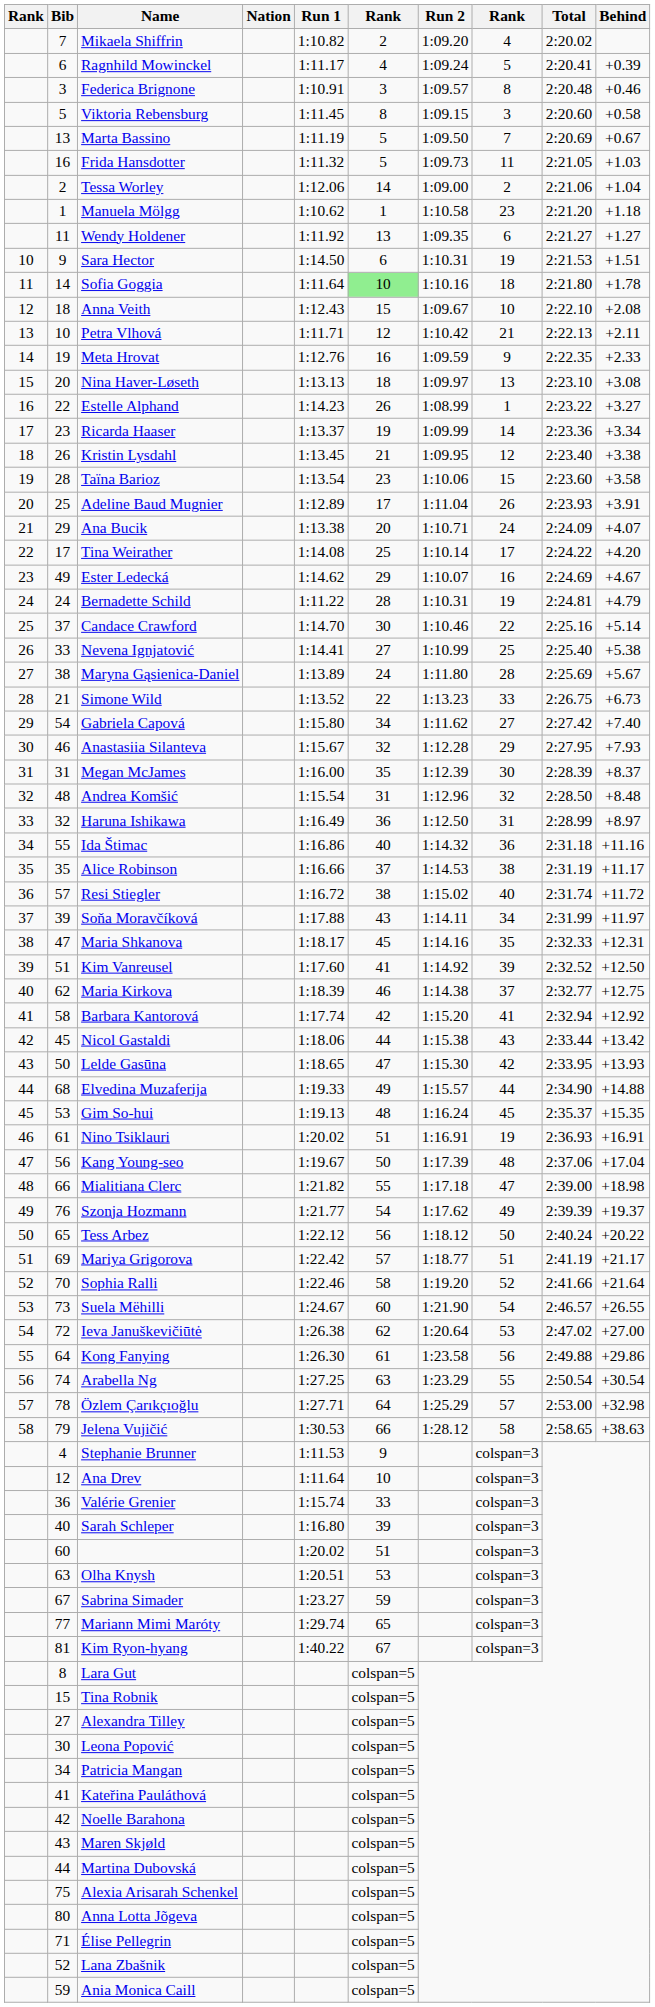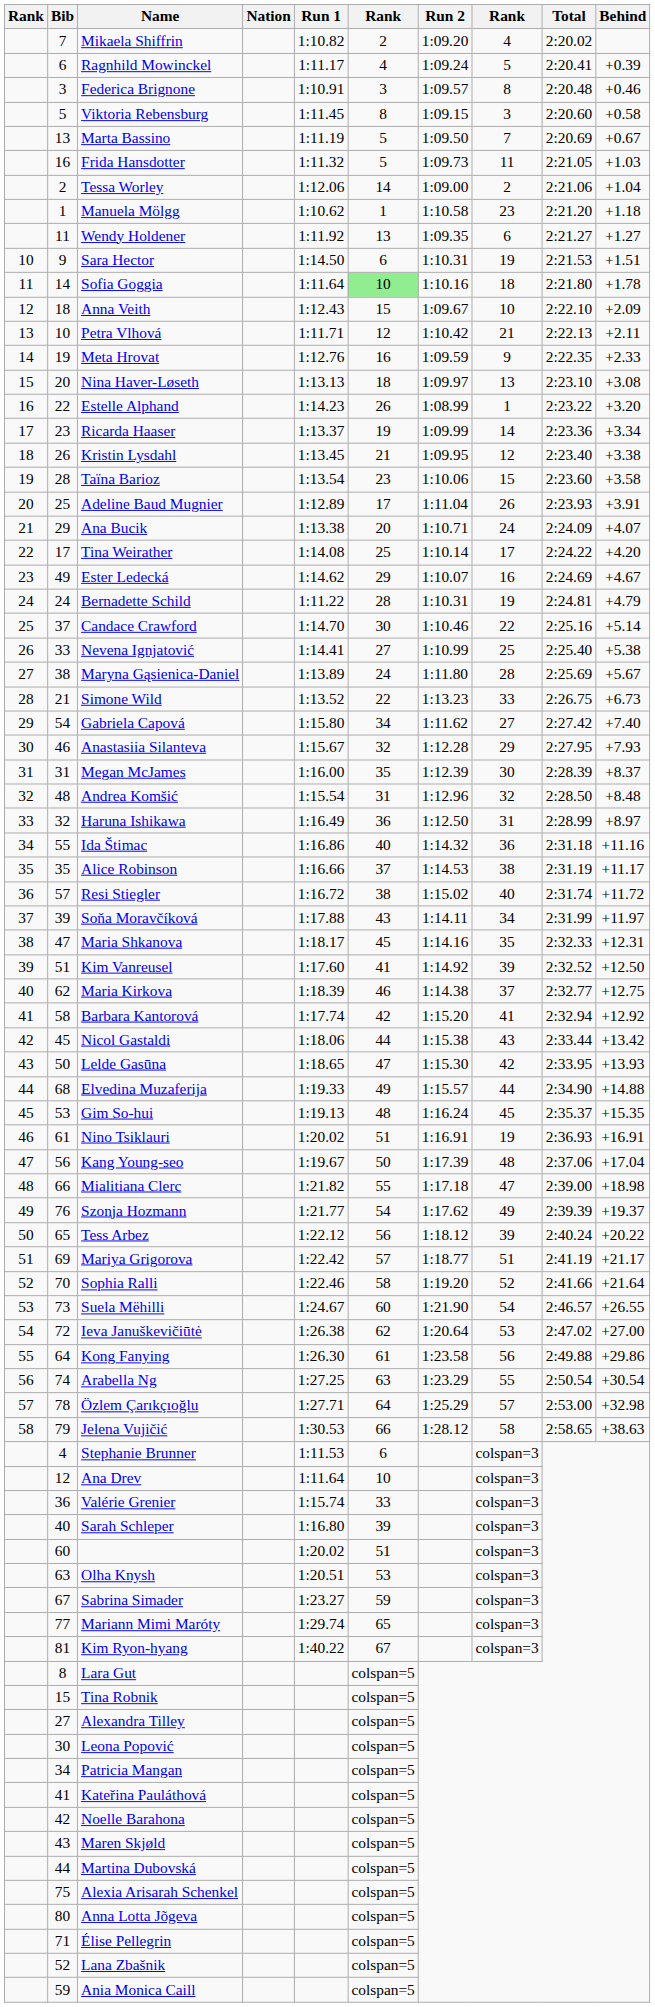 <table class="wikitable sortable" style="text-align:center">
 <tr>
 <th>Rank</th>
 <th>Bib</th>
 <th>Name</th>
 <th>Nation</th>
 <th>Run 1</th>
 <th>Rank</th>
 <th>Run 2</th>
 <th>Rank</th>
 <th>Total</th>
 <th>Behind</th>
 </tr>
 <tr>
 <td></td>
 <td>7</td>
 <td align=left><a href='#'>Mikaela Shiffrin</a></td>
 <td align=left></td>
 <td>1:10.82</td>
 <td>2</td>
 <td>1:09.20</td>
 <td>4</td>
 <td>2:20.02</td>
 <td></td>
 </tr>
 <tr>
 <td></td>
 <td>6</td>
 <td align=left><a href='#'>Ragnhild Mowinckel</a></td>
 <td align=left></td>
 <td>1:11.17</td>
 <td>4</td>
 <td>1:09.24</td>
 <td>5</td>
 <td>2:20.41</td>
 <td>+0.39</td>
 </tr>
 <tr>
 <td></td>
 <td>3</td>
 <td align=left><a href='#'>Federica Brignone</a></td>
 <td align=left></td>
 <td>1:10.91</td>
 <td>3</td>
 <td>1:09.57</td>
 <td>8</td>
 <td>2:20.48</td>
 <td>+0.46</td>
 </tr>
 <tr>
 <td></td>
 <td>5</td>
 <td align=left><a href='#'>Viktoria Rebensburg</a></td>
 <td align=left></td>
 <td>1:11.45</td>
 <td>8</td>
 <td>1:09.15</td>
 <td>3</td>
 <td>2:20.60</td>
 <td>+0.58</td>
 </tr>
 <tr>
 <td></td>
 <td>13</td>
 <td align=left><a href='#'>Marta Bassino</a></td>
 <td align=left></td>
 <td>1:11.19</td>
 <td>5</td>
 <td>1:09.50</td>
 <td>7</td>
 <td>2:20.69</td>
 <td>+0.67</td>
 </tr>
 <tr>
 <td></td>
 <td>16</td>
 <td align=left><a href='#'>Frida Hansdotter</a></td>
 <td align=left></td>
 <td>1:11.32</td>
 <td>5</td>
 <td>1:09.73</td>
 <td>11</td>
 <td>2:21.05</td>
 <td>+1.03</td>
 </tr>
 <tr>
 <td></td>
 <td>2</td>
 <td align=left><a href='#'>Tessa Worley</a></td>
 <td align=left></td>
 <td>1:12.06</td>
 <td>14</td>
 <td>1:09.00</td>
 <td>2</td>
 <td>2:21.06</td>
 <td>+1.04</td>
 </tr>
 <tr>
 <td></td>
 <td>1</td>
 <td align=left><a href='#'>Manuela Mölgg</a></td>
 <td align=left></td>
 <td>1:10.62</td>
 <td>1</td>
 <td>1:10.58</td>
 <td>23</td>
 <td>2:21.20</td>
 <td>+1.18</td>
 </tr>
 <tr>
 <td></td>
 <td>11</td>
 <td align=left><a href='#'>Wendy Holdener</a></td>
 <td align=left></td>
 <td>1:11.92</td>
 <td>13</td>
 <td>1:09.35</td>
 <td>6</td>
 <td>2:21.27</td>
 <td>+1.27</td>
 </tr>
 <tr>
 <td>10</td>
 <td>9</td>
 <td align=left><a href='#'>Sara Hector</a></td>
 <td align=left></td>
 <td>1:14.50</td>
 <td>6</td>
 <td>1:10.31</td>
 <td>19</td>
 <td>2:21.53</td>
 <td>+1.51</td>
 </tr>
 <tr>
 <td>11</td>
 <td>14</td>
 <td align=left><a href='#'>Sofia Goggia</a></td>
 <td align=left></td>
 <td>1:11.64</td>
 <td style="background: lightgreen;">10</td>
 <td>1:10.16</td>
 <td>18</td>
 <td>2:21.80</td>
 <td>+1.78</td>
 </tr>
 <tr>
 <td>12</td>
 <td>18</td>
 <td align=left><a href='#'>Anna Veith</a></td>
 <td align=left></td>
 <td>1:12.43</td>
 <td>15</td>
 <td>1:09.67</td>
 <td>10</td>
 <td>2:22.10</td>
-<td>+2.08</td>
+<td>+2.09</td>
 </tr>
 <tr>
 <td>13</td>
 <td>10</td>
 <td align=left><a href='#'>Petra Vlhová</a></td>
 <td align=left></td>
 <td>1:11.71</td>
 <td>12</td>
 <td>1:10.42</td>
 <td>21</td>
 <td>2:22.13</td>
 <td>+2.11</td>
 </tr>
 <tr>
 <td>14</td>
 <td>19</td>
 <td align=left><a href='#'>Meta Hrovat</a></td>
 <td align=left></td>
 <td>1:12.76</td>
 <td>16</td>
 <td>1:09.59</td>
 <td>9</td>
 <td>2:22.35</td>
 <td>+2.33</td>
 </tr>
 <tr>
 <td>15</td>
 <td>20</td>
 <td align=left><a href='#'>Nina Haver-Løseth</a></td>
 <td align=left></td>
 <td>1:13.13</td>
 <td>18</td>
 <td>1:09.97</td>
 <td>13</td>
 <td>2:23.10</td>
 <td>+3.08</td>
 </tr>
 <tr>
 <td>16</td>
 <td>22</td>
 <td align=left><a href='#'>Estelle Alphand</a></td>
 <td align=left></td>
 <td>1:14.23</td>
 <td>26</td>
 <td>1:08.99</td>
 <td>1</td>
 <td>2:23.22</td>
-<td>+3.27</td>
+<td>+3.20</td>
 </tr>
 <tr>
 <td>17</td>
 <td>23</td>
 <td align=left><a href='#'>Ricarda Haaser</a></td>
 <td align=left></td>
 <td>1:13.37</td>
 <td>19</td>
 <td>1:09.99</td>
 <td>14</td>
 <td>2:23.36</td>
 <td>+3.34</td>
 </tr>
 <tr>
 <td>18</td>
 <td>26</td>
 <td align=left><a href='#'>Kristin Lysdahl</a></td>
 <td align=left></td>
 <td>1:13.45</td>
 <td>21</td>
 <td>1:09.95</td>
 <td>12</td>
 <td>2:23.40</td>
 <td>+3.38</td>
 </tr>
 <tr>
 <td>19</td>
 <td>28</td>
 <td align=left><a href='#'>Taïna Barioz</a></td>
 <td align=left></td>
 <td>1:13.54</td>
 <td>23</td>
 <td>1:10.06</td>
 <td>15</td>
 <td>2:23.60</td>
 <td>+3.58</td>
 </tr>
 <tr>
 <td>20</td>
 <td>25</td>
 <td align=left><a href='#'>Adeline Baud Mugnier</a></td>
 <td align=left></td>
 <td>1:12.89</td>
 <td>17</td>
 <td>1:11.04</td>
 <td>26</td>
 <td>2:23.93</td>
 <td>+3.91</td>
 </tr>
 <tr>
 <td>21</td>
 <td>29</td>
 <td align=left><a href='#'>Ana Bucik</a></td>
 <td align=left></td>
 <td>1:13.38</td>
 <td>20</td>
 <td>1:10.71</td>
 <td>24</td>
 <td>2:24.09</td>
 <td>+4.07</td>
 </tr>
 <tr>
 <td>22</td>
 <td>17</td>
 <td align=left><a href='#'>Tina Weirather</a></td>
 <td align=left></td>
 <td>1:14.08</td>
 <td>25</td>
 <td>1:10.14</td>
 <td>17</td>
 <td>2:24.22</td>
 <td>+4.20</td>
 </tr>
 <tr>
 <td>23</td>
 <td>49</td>
 <td align=left><a href='#'>Ester Ledecká</a></td>
 <td align=left></td>
 <td>1:14.62</td>
 <td>29</td>
 <td>1:10.07</td>
 <td>16</td>
 <td>2:24.69</td>
 <td>+4.67</td>
 </tr>
 <tr>
 <td>24</td>
 <td>24</td>
 <td align=left><a href='#'>Bernadette Schild</a></td>
 <td align=left></td>
 <td>1:11.22</td>
 <td>28</td>
 <td>1:10.31</td>
 <td>19</td>
 <td>2:24.81</td>
 <td>+4.79</td>
 </tr>
 <tr>
 <td>25</td>
 <td>37</td>
 <td align=left><a href='#'>Candace Crawford</a></td>
 <td align=left></td>
 <td>1:14.70</td>
 <td>30</td>
 <td>1:10.46</td>
 <td>22</td>
 <td>2:25.16</td>
 <td>+5.14</td>
 </tr>
 <tr>
 <td>26</td>
 <td>33</td>
 <td align=left><a href='#'>Nevena Ignjatović</a></td>
 <td align=left></td>
 <td>1:14.41</td>
 <td>27</td>
 <td>1:10.99</td>
 <td>25</td>
 <td>2:25.40</td>
 <td>+5.38</td>
 </tr>
 <tr>
 <td>27</td>
 <td>38</td>
 <td align=left><a href='#'>Maryna Gąsienica-Daniel</a></td>
 <td align=left></td>
 <td>1:13.89</td>
 <td>24</td>
 <td>1:11.80</td>
 <td>28</td>
 <td>2:25.69</td>
 <td>+5.67</td>
 </tr>
 <tr>
 <td>28</td>
 <td>21</td>
 <td align=left><a href='#'>Simone Wild</a></td>
 <td align=left></td>
 <td>1:13.52</td>
 <td>22</td>
 <td>1:13.23</td>
 <td>33</td>
 <td>2:26.75</td>
 <td>+6.73</td>
 </tr>
 <tr>
 <td>29</td>
 <td>54</td>
 <td align="left"><a href='#'>Gabriela Capová</a></td>
 <td align="left"></td>
 <td>1:15.80</td>
 <td>34</td>
 <td>1:11.62</td>
 <td>27</td>
 <td>2:27.42</td>
 <td>+7.40</td>
 </tr>
 <tr>
 <td>30</td>
 <td>46</td>
 <td align="left"><a href='#'>Anastasiia Silanteva</a></td>
 <td align="left"></td>
 <td>1:15.67</td>
 <td>32</td>
 <td>1:12.28</td>
 <td>29</td>
 <td>2:27.95</td>
 <td>+7.93</td>
 </tr>
 <tr>
 <td>31</td>
 <td>31</td>
 <td align="left"><a href='#'>Megan McJames</a></td>
 <td align="left"></td>
 <td>1:16.00</td>
 <td>35</td>
 <td>1:12.39</td>
 <td>30</td>
 <td>2:28.39</td>
 <td>+8.37</td>
 </tr>
 <tr>
 <td>32</td>
 <td>48</td>
 <td align="left"><a href='#'>Andrea Komšić</a></td>
 <td align="left"></td>
 <td>1:15.54</td>
 <td>31</td>
 <td>1:12.96</td>
 <td>32</td>
 <td>2:28.50</td>
 <td>+8.48</td>
 </tr>
 <tr>
 <td>33</td>
 <td>32</td>
 <td align="left"><a href='#'>Haruna Ishikawa</a></td>
 <td align="left"></td>
 <td>1:16.49</td>
 <td>36</td>
 <td>1:12.50</td>
 <td>31</td>
 <td>2:28.99</td>
 <td>+8.97</td>
 </tr>
 <tr>
 <td>34</td>
 <td>55</td>
 <td align="left"><a href='#'>Ida Štimac</a></td>
 <td align="left"></td>
 <td>1:16.86</td>
 <td>40</td>
 <td>1:14.32</td>
 <td>36</td>
 <td>2:31.18</td>
 <td>+11.16</td>
 </tr>
 <tr>
 <td>35</td>
 <td>35</td>
 <td align="left"><a href='#'>Alice Robinson</a></td>
 <td align="left"></td>
 <td>1:16.66</td>
 <td>37</td>
 <td>1:14.53</td>
 <td>38</td>
 <td>2:31.19</td>
 <td>+11.17</td>
 </tr>
 <tr>
 <td>36</td>
 <td>57</td>
 <td align="left"><a href='#'>Resi Stiegler</a></td>
 <td align="left"></td>
 <td>1:16.72</td>
 <td>38</td>
 <td>1:15.02</td>
 <td>40</td>
 <td>2:31.74</td>
 <td>+11.72</td>
 </tr>
 <tr>
 <td>37</td>
 <td>39</td>
 <td align="left"><a href='#'>Soňa Moravčíková</a></td>
 <td align="left"></td>
 <td>1:17.88</td>
 <td>43</td>
 <td>1:14.11</td>
 <td>34</td>
 <td>2:31.99</td>
 <td>+11.97</td>
 </tr>
 <tr>
 <td>38</td>
 <td>47</td>
 <td align="left"><a href='#'>Maria Shkanova</a></td>
 <td align="left"></td>
 <td>1:18.17</td>
 <td>45</td>
 <td>1:14.16</td>
 <td>35</td>
 <td>2:32.33</td>
 <td>+12.31</td>
 </tr>
 <tr>
 <td>39</td>
 <td>51</td>
 <td align="left"><a href='#'>Kim Vanreusel</a></td>
 <td align="left"></td>
 <td>1:17.60</td>
 <td>41</td>
 <td>1:14.92</td>
 <td>39</td>
 <td>2:32.52</td>
 <td>+12.50</td>
 </tr>
 <tr>
 <td>40</td>
 <td>62</td>
 <td align="left"><a href='#'>Maria Kirkova</a></td>
 <td align="left"></td>
 <td>1:18.39</td>
 <td>46</td>
 <td>1:14.38</td>
 <td>37</td>
 <td>2:32.77</td>
 <td>+12.75</td>
 </tr>
 <tr>
 <td>41</td>
 <td>58</td>
 <td align="left"><a href='#'>Barbara Kantorová</a></td>
 <td align="left"></td>
 <td>1:17.74</td>
 <td>42</td>
 <td>1:15.20</td>
 <td>41</td>
 <td>2:32.94</td>
 <td>+12.92</td>
 </tr>
 <tr>
 <td>42</td>
 <td>45</td>
 <td align="left"><a href='#'>Nicol Gastaldi</a></td>
 <td align="left"></td>
 <td>1:18.06</td>
 <td>44</td>
 <td>1:15.38</td>
 <td>43</td>
 <td>2:33.44</td>
 <td>+13.42</td>
 </tr>
 <tr>
 <td>43</td>
 <td>50</td>
 <td align="left"><a href='#'>Lelde Gasūna</a></td>
 <td align="left"></td>
 <td>1:18.65</td>
 <td>47</td>
 <td>1:15.30</td>
 <td>42</td>
 <td>2:33.95</td>
 <td>+13.93</td>
 </tr>
 <tr>
 <td>44</td>
 <td>68</td>
 <td align="left"><a href='#'>Elvedina Muzaferija</a></td>
 <td align="left"></td>
 <td>1:19.33</td>
 <td>49</td>
 <td>1:15.57</td>
 <td>44</td>
 <td>2:34.90</td>
 <td>+14.88</td>
 </tr>
 <tr>
 <td>45</td>
 <td>53</td>
 <td align="left"><a href='#'>Gim So-hui</a></td>
 <td align="left"></td>
 <td>1:19.13</td>
 <td>48</td>
 <td>1:16.24</td>
 <td>45</td>
 <td>2:35.37</td>
 <td>+15.35</td>
 </tr>
 <tr>
 <td>46</td>
 <td>61</td>
 <td align="left"><a href='#'>Nino Tsiklauri</a></td>
 <td align="left"></td>
 <td>1:20.02</td>
 <td>51</td>
 <td>1:16.91</td>
 <td>19</td>
 <td>2:36.93</td>
 <td>+16.91</td>
 </tr>
 <tr>
 <td>47</td>
 <td>56</td>
 <td align="left"><a href='#'>Kang Young-seo</a></td>
 <td align="left"></td>
 <td>1:19.67</td>
 <td>50</td>
 <td>1:17.39</td>
 <td>48</td>
 <td>2:37.06</td>
 <td>+17.04</td>
 </tr>
 <tr>
 <td>48</td>
 <td>66</td>
 <td align="left"><a href='#'>Mialitiana Clerc</a></td>
 <td align="left"></td>
 <td>1:21.82</td>
 <td>55</td>
 <td>1:17.18</td>
 <td>47</td>
 <td>2:39.00</td>
 <td>+18.98</td>
 </tr>
 <tr>
 <td>49</td>
 <td>76</td>
 <td align=left><a href='#'>Szonja Hozmann</a></td>
 <td align=left></td>
 <td>1:21.77</td>
 <td>54</td>
 <td>1:17.62</td>
 <td>49</td>
 <td>2:39.39</td>
 <td>+19.37</td>
 </tr>
 <tr>
 <td>50</td>
 <td>65</td>
 <td align="left"><a href='#'>Tess Arbez</a></td>
 <td align="left"></td>
 <td>1:22.12</td>
 <td>56</td>
 <td>1:18.12</td>
-<td>50</td>
+<td>39</td>
 <td>2:40.24</td>
 <td>+20.22</td>
 </tr>
 <tr>
 <td>51</td>
 <td>69</td>
 <td align="left"><a href='#'>Mariya Grigorova</a></td>
 <td align="left"></td>
 <td>1:22.42</td>
 <td>57</td>
 <td>1:18.77</td>
 <td>51</td>
 <td>2:41.19</td>
 <td>+21.17</td>
 </tr>
 <tr>
 <td>52</td>
 <td>70</td>
 <td align="left"><a href='#'>Sophia Ralli</a></td>
 <td align="left"></td>
 <td>1:22.46</td>
 <td>58</td>
 <td>1:19.20</td>
 <td>52</td>
 <td>2:41.66</td>
 <td>+21.64</td>
 </tr>
 <tr>
 <td>53</td>
 <td>73</td>
 <td align=left><a href='#'>Suela Mëhilli</a></td>
 <td align=left></td>
 <td>1:24.67</td>
 <td>60</td>
 <td>1:21.90</td>
 <td>54</td>
 <td>2:46.57</td>
 <td>+26.55</td>
 </tr>
 <tr>
 <td>54</td>
 <td>72</td>
 <td align="left"><a href='#'>Ieva Januškevičiūtė</a></td>
 <td align="left"></td>
 <td>1:26.38</td>
 <td>62</td>
 <td>1:20.64</td>
 <td>53</td>
 <td>2:47.02</td>
 <td>+27.00</td>
 </tr>
 <tr>
 <td>55</td>
 <td>64</td>
 <td align="left"><a href='#'>Kong Fanying</a></td>
 <td align="left"></td>
 <td>1:26.30</td>
 <td>61</td>
 <td>1:23.58</td>
 <td>56</td>
 <td>2:49.88</td>
 <td>+29.86</td>
 </tr>
 <tr>
 <td>56</td>
 <td>74</td>
 <td align=left><a href='#'>Arabella Ng</a></td>
 <td align=left></td>
 <td>1:27.25</td>
 <td>63</td>
 <td>1:23.29</td>
 <td>55</td>
 <td>2:50.54</td>
 <td>+30.54</td>
 </tr>
 <tr>
 <td>57</td>
 <td>78</td>
 <td align=left><a href='#'>Özlem Çarıkçıoğlu</a></td>
 <td align=left></td>
 <td>1:27.71</td>
 <td>64</td>
 <td>1:25.29</td>
 <td>57</td>
 <td>2:53.00</td>
 <td>+32.98</td>
 </tr>
 <tr>
 <td>58</td>
 <td>79</td>
 <td align="left"><a href='#'>Jelena Vujičić</a></td>
 <td align="left"></td>
 <td>1:30.53</td>
 <td>66</td>
 <td>1:28.12</td>
 <td>58</td>
 <td>2:58.65</td>
 <td>+38.63</td>
 </tr>
 <tr>
 <td></td>
 <td>4</td>
 <td align=left><a href='#'>Stephanie Brunner</a></td>
 <td align=left></td>
 <td>1:11.53</td>
-<td>9</td>
+<td>6</td>
 <td></td>
 <td>colspan=3 </td>
 </tr>
 <tr>
 <td></td>
 <td>12</td>
 <td align=left><a href='#'>Ana Drev</a></td>
 <td align=left></td>
 <td>1:11.64</td>
 <td>10</td>
 <td></td>
 <td>colspan=3 </td>
 </tr>
 <tr>
 <td></td>
 <td>36</td>
 <td align=left><a href='#'>Valérie Grenier</a></td>
 <td align=left></td>
 <td>1:15.74</td>
 <td>33</td>
 <td></td>
 <td>colspan=3 </td>
 </tr>
 <tr>
 <td></td>
 <td>40</td>
 <td align=left><a href='#'>Sarah Schleper</a></td>
 <td align=left></td>
 <td>1:16.80</td>
 <td>39</td>
 <td></td>
 <td>colspan=3 </td>
 </tr>
 <tr>
 <td></td>
 <td>60</td>
 <td align=left></td>
 <td align=left></td>
 <td>1:20.02</td>
 <td>51</td>
 <td></td>
 <td>colspan=3 </td>
 </tr>
 <tr>
 <td></td>
 <td>63</td>
 <td align=left><a href='#'>Olha Knysh</a></td>
 <td align=left></td>
 <td>1:20.51</td>
 <td>53</td>
 <td></td>
 <td>colspan=3 </td>
 </tr>
 <tr>
 <td></td>
 <td>67</td>
 <td align=left><a href='#'>Sabrina Simader</a></td>
 <td align=left></td>
 <td>1:23.27</td>
 <td>59</td>
 <td></td>
 <td>colspan=3 </td>
 </tr>
 <tr>
 <td></td>
 <td>77</td>
 <td align=left><a href='#'>Mariann Mimi Maróty</a></td>
 <td align=left></td>
 <td>1:29.74</td>
 <td>65</td>
 <td></td>
 <td>colspan=3 </td>
 </tr>
 <tr>
 <td></td>
 <td>81</td>
 <td align=left><a href='#'>Kim Ryon-hyang</a></td>
 <td align=left></td>
 <td>1:40.22</td>
 <td>67</td>
 <td></td>
 <td>colspan=3 </td>
 </tr>
 <tr>
 <td></td>
 <td>8</td>
 <td align=left><a href='#'>Lara Gut</a></td>
 <td align=left></td>
 <td></td>
 <td>colspan=5 </td>
 </tr>
 <tr>
 <td></td>
 <td>15</td>
 <td align=left><a href='#'>Tina Robnik</a></td>
 <td align=left></td>
 <td></td>
 <td>colspan=5 </td>
 </tr>
 <tr>
 <td></td>
 <td>27</td>
 <td align=left><a href='#'>Alexandra Tilley</a></td>
 <td align=left></td>
 <td></td>
 <td>colspan=5 </td>
 </tr>
 <tr>
 <td></td>
 <td>30</td>
 <td align=left><a href='#'>Leona Popović</a></td>
 <td align=left></td>
 <td></td>
 <td>colspan=5 </td>
 </tr>
 <tr>
 <td></td>
 <td>34</td>
 <td align=left><a href='#'>Patricia Mangan</a></td>
 <td align=left></td>
 <td></td>
 <td>colspan=5 </td>
 </tr>
 <tr>
 <td></td>
 <td>41</td>
 <td align=left><a href='#'>Kateřina Pauláthová</a></td>
 <td align=left></td>
 <td></td>
 <td>colspan=5 </td>
 </tr>
 <tr>
 <td></td>
 <td>42</td>
 <td align=left><a href='#'>Noelle Barahona</a></td>
 <td align=left></td>
 <td></td>
 <td>colspan=5 </td>
 </tr>
 <tr>
 <td></td>
 <td>43</td>
 <td align=left><a href='#'>Maren Skjøld</a></td>
 <td align=left></td>
 <td></td>
 <td>colspan=5 </td>
 </tr>
 <tr>
 <td></td>
 <td>44</td>
 <td align=left><a href='#'>Martina Dubovská</a></td>
 <td align=left></td>
 <td></td>
 <td>colspan=5 </td>
 </tr>
 <tr>
 <td></td>
 <td>75</td>
 <td align=left><a href='#'>Alexia Arisarah Schenkel</a></td>
 <td align=left></td>
 <td></td>
 <td>colspan=5 </td>
 </tr>
 <tr>
 <td></td>
 <td>80</td>
 <td align=left><a href='#'>Anna Lotta Jõgeva</a></td>
 <td align=left></td>
 <td></td>
 <td>colspan=5 </td>
 </tr>
 <tr>
 <td></td>
 <td>71</td>
 <td align=left><a href='#'>Élise Pellegrin</a></td>
 <td align=left></td>
 <td></td>
 <td>colspan=5 </td>
 </tr>
 <tr>
 <td></td>
 <td>52</td>
 <td align=left><a href='#'>Lana Zbašnik</a></td>
 <td align=left></td>
 <td></td>
 <td>colspan=5 </td>
 </tr>
 <tr>
 <td></td>
 <td>59</td>
 <td align=left><a href='#'>Ania Monica Caill</a></td>
 <td align=left></td>
 <td></td>
 <td>colspan=5 </td>
 </tr>
 </table>
